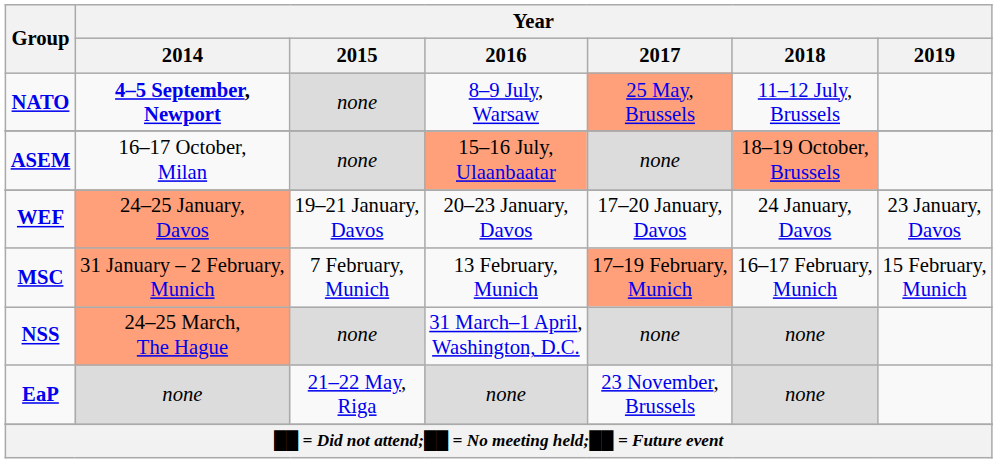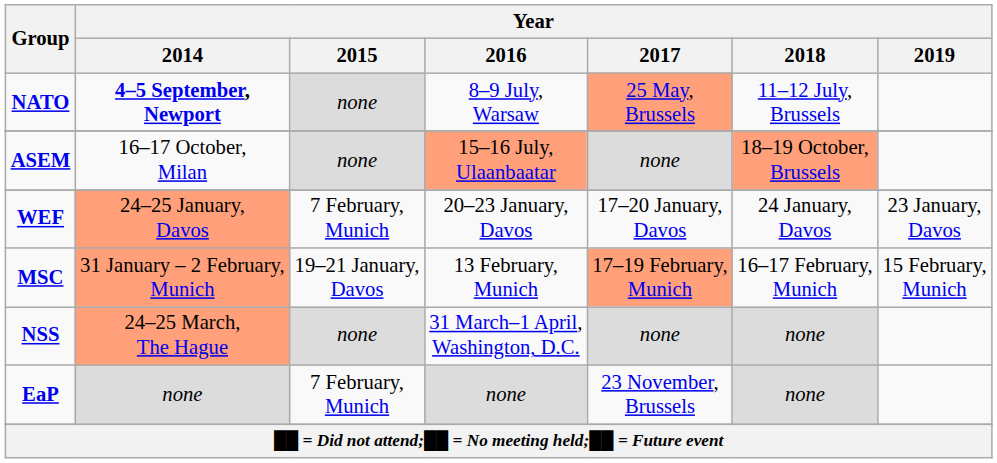 <table class="wikitable" style="margin:1em auto; font-size:85%; text-align:center;">
 <tr>
 <th rowspan="2">Group</th>
 <th colspan="8">Year</th>
 </tr>
 <tr>
 <th>2014</th>
 <th>2015</th>
 <th>2016</th>
 <th>2017</th>
 <th>2018</th>
 <th>2019</th>
 </tr>
 <tr>
 <td><strong><a href='#'>NATO</a></strong></td>
 <td><strong><a href='#'>4–5 September</a>,<br> <a href='#'>Newport</a></strong></td>
 <td style="background:#dcdcdc;"><em>none</em></td>
 <td><a href='#'>8–9 July</a>,<br> <a href='#'>Warsaw</a></td>
 <td style="background:#ffa07a;"><a href='#'>25 May</a>,<br> <a href='#'>Brussels</a></td>
 <td><a href='#'>11–12 July</a>,<br> <a href='#'>Brussels</a></td>
 <td></td>
 </tr>
 <tr>
 </tr>
 <tr>
 <td><strong><a href='#'>ASEM</a></strong></td>
 <td>16–17 October,<br> <a href='#'>Milan</a></td>
 <td style="background:#dcdcdc;"><em>none</em></td>
 <td style="background:#ffa07a;">15–16 July,<br> <a href='#'>Ulaanbaatar</a></td>
 <td style="background:#dcdcdc;"><em>none</em></td>
 <td style="background:#ffa07a;">18–19 October,<br> <a href='#'>Brussels</a></td>
 <td></td>
 </tr>
 <tr>
 </tr>
 <tr>
 <td><strong><a href='#'>WEF</a></strong></td>
 <td style="background:#ffa07a;">24–25 January,<br> <a href='#'>Davos</a></td>
-<td>19–21 January,<br> <a href='#'>Davos</a></td>
+<td>7 February,<br> <a href='#'>Munich</a></td>
 <td>20–23 January,<br> <a href='#'>Davos</a></td>
 <td style="background:#;">17–20 January,<br> <a href='#'>Davos</a></td>
 <td style="background:#">24 January,<br> <a href='#'>Davos</a></td>
 <td>23 January,<br> <a href='#'>Davos</a></td>
 </tr>
 <tr>
 <td><strong><a href='#'>MSC</a></strong></td>
 <td style="background:#ffa07a;">31 January – 2 February,<br> <a href='#'>Munich</a></td>
-<td>7 February,<br> <a href='#'>Munich</a></td>
+<td>19–21 January,<br> <a href='#'>Davos</a></td>
 <td>13 February,<br> <a href='#'>Munich</a></td>
 <td style="background:#ffa07a;">17–19 February,<br> <a href='#'>Munich</a></td>
 <td>16–17 February,<br> <a href='#'>Munich</a></td>
 <td>15 February,<br> <a href='#'>Munich</a></td>
 </tr>
 <tr>
 <td><strong><a href='#'>NSS</a></strong></td>
 <td style="background:#ffa07a;">24–25 March,<br> <a href='#'>The Hague</a></td>
 <td style="background:#dcdcdc;"><em>none</em></td>
 <td><a href='#'>31 March–1 April</a>,<br> <a href='#'>Washington, D.C.</a></td>
 <td style="background:#dcdcdc;"><em>none</em></td>
 <td style="background:#dcdcdc;"><em>none</em></td>
 <td></td>
 </tr>
 <tr>
 <td><strong><a href='#'>EaP</a></strong></td>
 <td style="background:#dcdcdc;"><em>none</em></td>
-<td><a href='#'>21–22 May</a>,<br> <a href='#'>Riga</a></td>
+<td>7 February,<br> <a href='#'>Munich</a></td>
 <td style="background:#dcdcdc;"><em>none</em></td>
 <td><a href='#'>23 November</a>,<br> <a href='#'>Brussels</a></td>
 <td style="background:#dcdcdc;"><em>none</em></td>
 <td></td>
 </tr>
 <tr>
 </tr>
 <tr>
 <th colspan="9"><small><em> <span>██</span> = Did not attend;<span>██</span> = No meeting held;<span>██</span> = Future event</em></small></th>
 </tr>
 </table>
